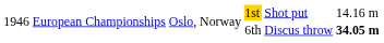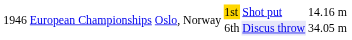 <table>
 <tr>
 <td rowspan=2>1946</td>
 <td rowspan=2><a href='#'>European Championships</a></td>
 <td rowspan=2><a href='#'>Oslo</a>, Norway</td>
 <td bgcolor=gold>1st</td>
 <td><a href='#'>Shot put</a></td>
 <td>14.16 m </td>
 </tr>
 <tr>
 <td>6th</td>
-<td><a href='#'>Discus throw</a></td>
-<td><strong>34.05 m</strong></td>
+<td style="background: lavender;"><a href='#'>Discus throw</a></td>
+<td>34.05 m</td>
 </tr>
 </table>
